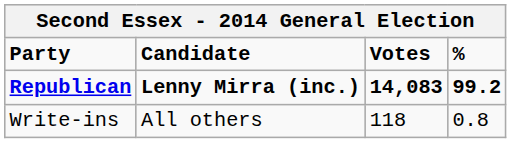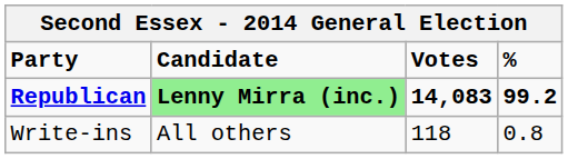 <table class="wikitable">
 <tr>
 <th colspan="4">Second Essex - 2014 General Election</th>
 </tr>
 <tr>
 <td><strong>Party</strong></td>
 <td><strong>Candidate</strong></td>
 <td><strong>Votes</strong></td>
 <td><strong>%</strong></td>
 </tr>
 <tr>
 <td><strong><a href='#'>Republican</a></strong></td>
-<td><strong>Lenny Mirra (inc.)</strong></td>
+<td style="background: lightgreen;"><strong>Lenny Mirra (inc.)</strong></td>
 <td><strong>14,083</strong></td>
 <td><strong>99.2</strong></td>
 </tr>
 <tr>
 <td>Write-ins</td>
 <td>All others</td>
 <td>118</td>
 <td>0.8</td>
 </tr>
 </table>
